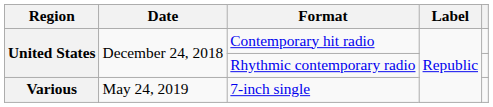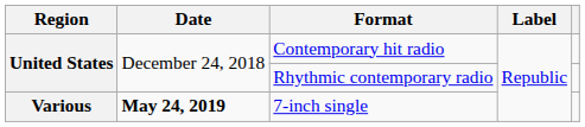 <table class="wikitable sortable plainrowheaders">
 <tr>
 <th scope="col">Region</th>
 <th scope="col">Date</th>
 <th scope="col">Format</th>
 <th scope="col">Label</th>
 <th scope="col"></th>
 </tr>
 <tr>
 <th scope="row" rowspan="2">United States</th>
 <td rowspan="2">December 24, 2018</td>
 <td><a href='#'>Contemporary hit radio</a></td>
 <td rowspan="3"><a href='#'>Republic</a></td>
 <td></td>
 </tr>
 <tr>
 <td><a href='#'>Rhythmic contemporary radio</a></td>
 <td></td>
 </tr>
 <tr>
 <th scope="row">Various</th>
-<td>May 24, 2019</td>
+<td><strong>May 24, 2019</strong></td>
 <td><a href='#'>7-inch single</a></td>
 <td></td>
 </tr>
 </table>
